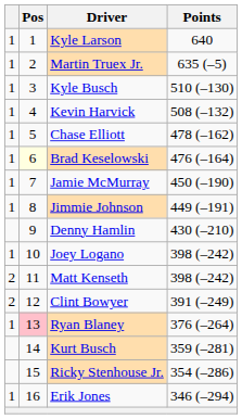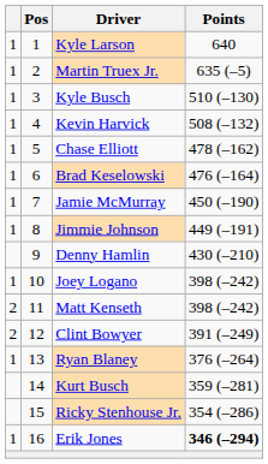 <table class="wikitable" style="font-size: 95%">
 <tr>
 <th></th>
 <th>Pos</th>
 <th>Driver</th>
 <th>Points</th>
 </tr>
 <tr>
 <td align="left"> 1</td>
 <td style="text-align:center;">1</td>
 <td style="background:#FFDEAD;"><a href='#'>Kyle Larson</a></td>
 <td style="text-align:center;">640</td>
 </tr>
 <tr>
 <td align="left"> 1</td>
 <td style="text-align:center;">2</td>
 <td style="background:#FFDEAD;"><a href='#'>Martin Truex Jr.</a></td>
 <td style="text-align:center;">635 (–5)</td>
 </tr>
 <tr>
 <td align="left"> 1</td>
 <td style="text-align:center;">3</td>
 <td><a href='#'>Kyle Busch</a></td>
 <td style="text-align:center;">510 (–130)</td>
 </tr>
 <tr>
 <td align="left"> 1</td>
 <td style="text-align:center;">4</td>
 <td><a href='#'>Kevin Harvick</a></td>
 <td style="text-align:center;">508 (–132)</td>
 </tr>
 <tr>
 <td align="left"> 1</td>
 <td style="text-align:center;">5</td>
 <td><a href='#'>Chase Elliott</a></td>
 <td style="text-align:center;">478 (–162)</td>
 </tr>
 <tr>
 <td align="left"> 1</td>
-<td style="background: lightyellow; text-align:center;">6</td>
+<td style="text-align:center;">6</td>
 <td style="background:#FFDEAD;"><a href='#'>Brad Keselowski</a></td>
 <td style="text-align:center;">476 (–164)</td>
 </tr>
 <tr>
 <td align="left"> 1</td>
 <td style="text-align:center;">7</td>
 <td><a href='#'>Jamie McMurray</a></td>
 <td style="text-align:center;">450 (–190)</td>
 </tr>
 <tr>
 <td align="left"> 1</td>
 <td style="text-align:center;">8</td>
 <td style="background:#FFDEAD;"><a href='#'>Jimmie Johnson</a></td>
 <td style="text-align:center;">449 (–191)</td>
 </tr>
 <tr>
 <td align="left"></td>
 <td style="text-align:center;">9</td>
 <td><a href='#'>Denny Hamlin</a></td>
 <td style="text-align:center;">430 (–210)</td>
 </tr>
 <tr>
 <td align="left"> 1</td>
 <td style="text-align:center;">10</td>
 <td><a href='#'>Joey Logano</a></td>
 <td style="text-align:center;">398 (–242)</td>
 </tr>
 <tr>
 <td align="left"> 2</td>
 <td style="text-align:center;">11</td>
 <td><a href='#'>Matt Kenseth</a></td>
 <td style="text-align:center;">398 (–242)</td>
 </tr>
 <tr>
 <td align="left"> 2</td>
 <td style="text-align:center;">12</td>
 <td><a href='#'>Clint Bowyer</a></td>
 <td style="text-align:center;">391 (–249)</td>
 </tr>
 <tr>
 <td align="left"> 1</td>
-<td style="background: pink; text-align:center;">13</td>
+<td style="text-align:center;">13</td>
 <td style="background:#FFDEAD;"><a href='#'>Ryan Blaney</a></td>
 <td style="text-align:center;">376 (–264)</td>
 </tr>
 <tr>
 <td align="left"></td>
 <td style="text-align:center;">14</td>
 <td style="background:#FFDEAD;"><a href='#'>Kurt Busch</a></td>
 <td style="text-align:center;">359 (–281)</td>
 </tr>
 <tr>
 <td align="left"></td>
 <td style="text-align:center;">15</td>
 <td style="background:#FFDEAD;"><a href='#'>Ricky Stenhouse Jr.</a></td>
 <td style="text-align:center;">354 (–286)</td>
 </tr>
 <tr>
 <td align="left"> 1</td>
 <td style="text-align:center;">16</td>
 <td><a href='#'>Erik Jones</a></td>
-<td style="text-align:center;">346 (–294)</td>
+<td style="text-align:center;"><strong>346 (–294)</strong></td>
 </tr>
 <tr class="sortbottom">
 <th colspan="9"></th>
 </tr>
 </table>
